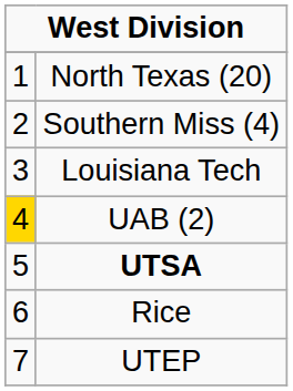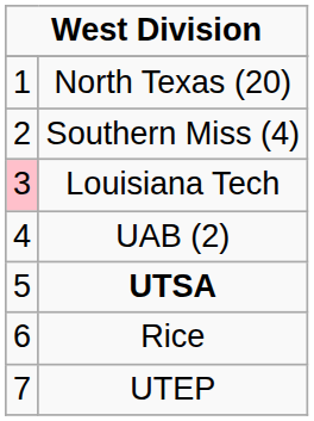 <table class="wikitable">
 <tr align="center">
 <td align="center" Colspan="2"><strong>West Division</strong></td>
 </tr>
 <tr align="center">
 </tr>
 <tr align="center">
 <td>1</td>
 <td>North Texas (20)</td>
 </tr>
 <tr align="center">
 <td>2</td>
 <td>Southern Miss (4)</td>
 </tr>
 <tr align="center">
-<td>3</td>
+<td style="background: pink;">3</td>
 <td>Louisiana Tech</td>
 </tr>
 <tr align="center">
-<td style="background: gold;">4</td>
+<td>4</td>
 <td>UAB (2)</td>
 </tr>
 <tr align="center">
 <td>5</td>
 <td><strong>UTSA</strong></td>
 </tr>
 <tr align="center">
 <td>6</td>
 <td>Rice</td>
 </tr>
 <tr align="center">
 <td>7</td>
 <td>UTEP</td>
 </tr>
 </table>
